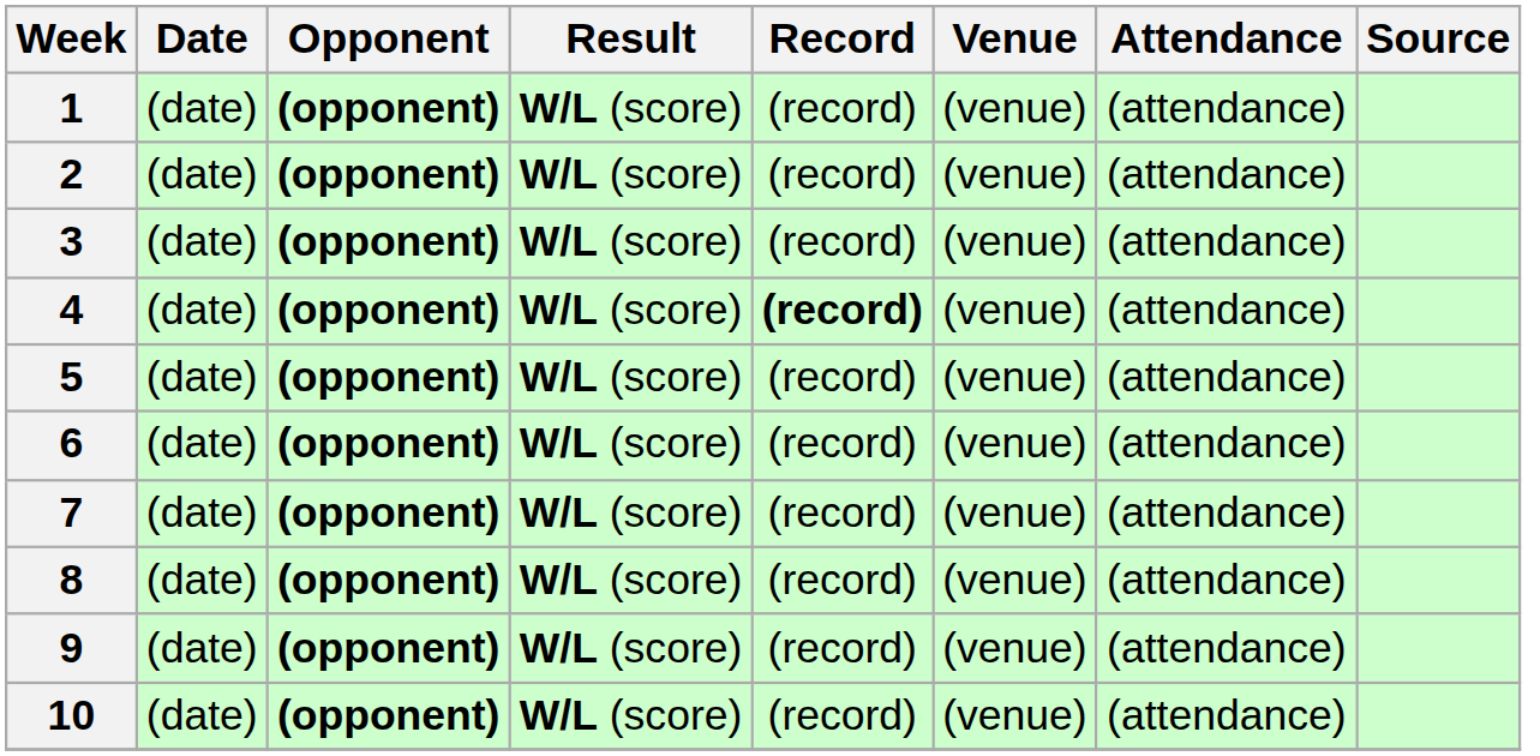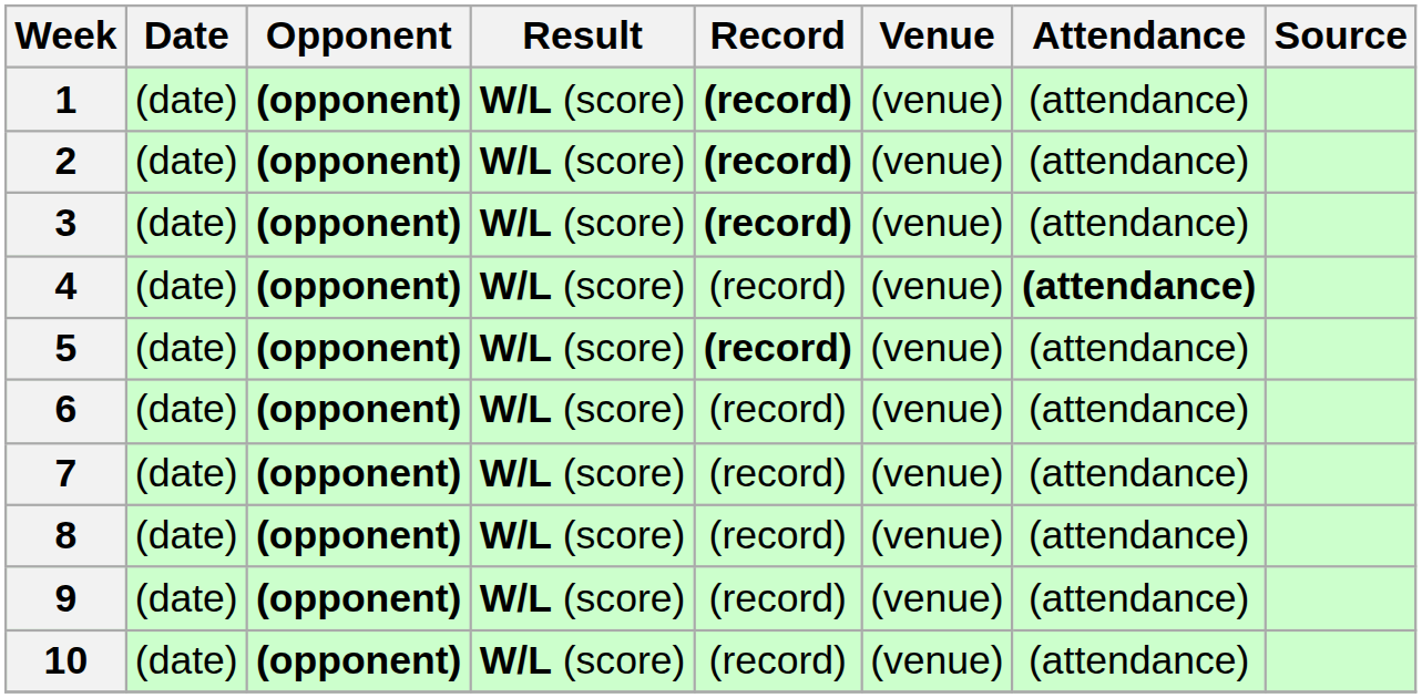 <table class="wikitable" style="text-align:center">
 <tr>
 <th>Week</th>
 <th>Date</th>
 <th>Opponent</th>
 <th>Result</th>
 <th>Record</th>
 <th>Venue</th>
 <th>Attendance</th>
 <th>Source</th>
 </tr>
 <tr style="background: #cfc;">
 <th>1</th>
 <td>(date)</td>
 <td><strong>(opponent)</strong></td>
 <td><strong>W/L</strong> (score)</td>
-<td>(record)</td>
+<td><strong>(record)</strong></td>
 <td>(venue)</td>
 <td>(attendance)</td>
 <td></td>
 </tr>
 <tr style="background: #cfc;">
 <th>2</th>
 <td>(date)</td>
 <td><strong>(opponent)</strong></td>
 <td><strong>W/L</strong> (score)</td>
-<td>(record)</td>
+<td><strong>(record)</strong></td>
 <td>(venue)</td>
 <td>(attendance)</td>
 <td></td>
 </tr>
 <tr style="background: #cfc;">
 <th>3</th>
 <td>(date)</td>
 <td><strong>(opponent)</strong></td>
 <td><strong>W/L</strong> (score)</td>
-<td>(record)</td>
+<td><strong>(record)</strong></td>
 <td>(venue)</td>
 <td>(attendance)</td>
 <td></td>
 </tr>
 <tr style="background: #cfc;">
 <th>4</th>
 <td>(date)</td>
 <td><strong>(opponent)</strong></td>
 <td><strong>W/L</strong> (score)</td>
-<td><strong>(record)</strong></td>
+<td>(record)</td>
 <td>(venue)</td>
-<td>(attendance)</td>
+<td><strong>(attendance)</strong></td>
 <td></td>
 </tr>
 <tr style="background: #cfc;">
 <th>5</th>
 <td>(date)</td>
 <td><strong>(opponent)</strong></td>
 <td><strong>W/L</strong> (score)</td>
-<td>(record)</td>
+<td><strong>(record)</strong></td>
 <td>(venue)</td>
 <td>(attendance)</td>
 <td></td>
 </tr>
 <tr style="background: #cfc;">
 <th>6</th>
 <td>(date)</td>
 <td><strong>(opponent)</strong></td>
 <td><strong>W/L</strong> (score)</td>
 <td>(record)</td>
 <td>(venue)</td>
 <td>(attendance)</td>
 <td></td>
 </tr>
 <tr style="background: #cfc;">
 <th>7</th>
 <td>(date)</td>
 <td><strong>(opponent)</strong></td>
 <td><strong>W/L</strong> (score)</td>
 <td>(record)</td>
 <td>(venue)</td>
 <td>(attendance)</td>
 <td></td>
 </tr>
 <tr style="background: #cfc;">
 <th>8</th>
 <td>(date)</td>
 <td><strong>(opponent)</strong></td>
 <td><strong>W/L</strong> (score)</td>
 <td>(record)</td>
 <td>(venue)</td>
 <td>(attendance)</td>
 <td></td>
 </tr>
 <tr style="background: #cfc;">
 <th>9</th>
 <td>(date)</td>
 <td><strong>(opponent)</strong></td>
 <td><strong>W/L</strong> (score)</td>
 <td>(record)</td>
 <td>(venue)</td>
 <td>(attendance)</td>
 <td></td>
 </tr>
 <tr style="background: #cfc;">
 <th>10</th>
 <td>(date)</td>
 <td><strong>(opponent)</strong></td>
 <td><strong>W/L</strong> (score)</td>
 <td>(record)</td>
 <td>(venue)</td>
 <td>(attendance)</td>
 <td></td>
 </tr>
 <tr style="background: #cfc;">
 </tr>
 </table>
